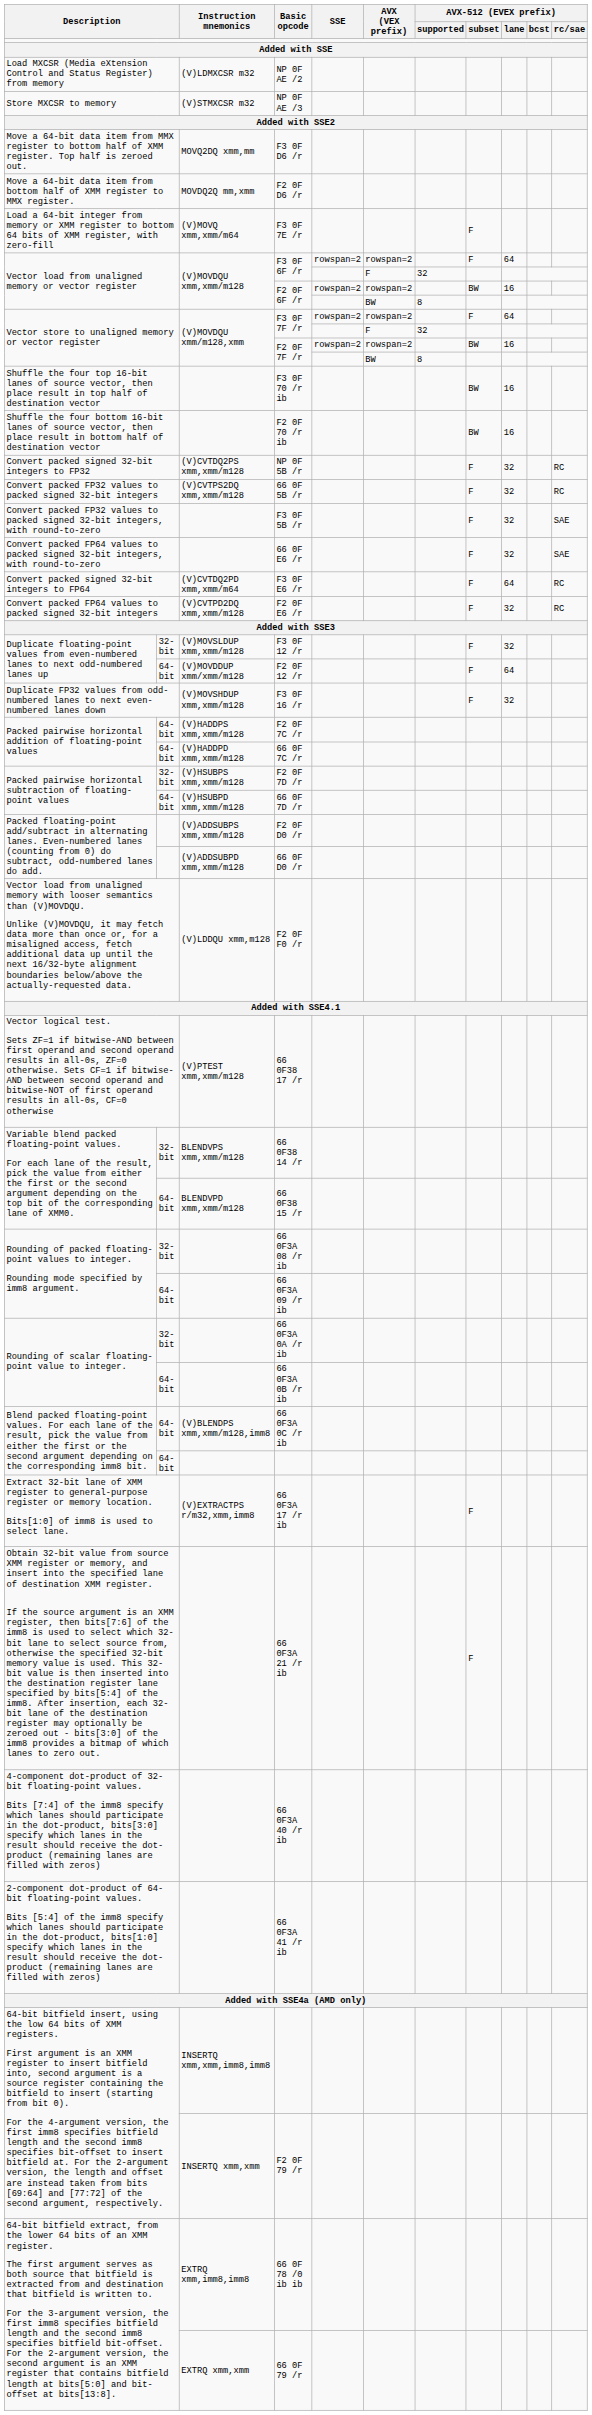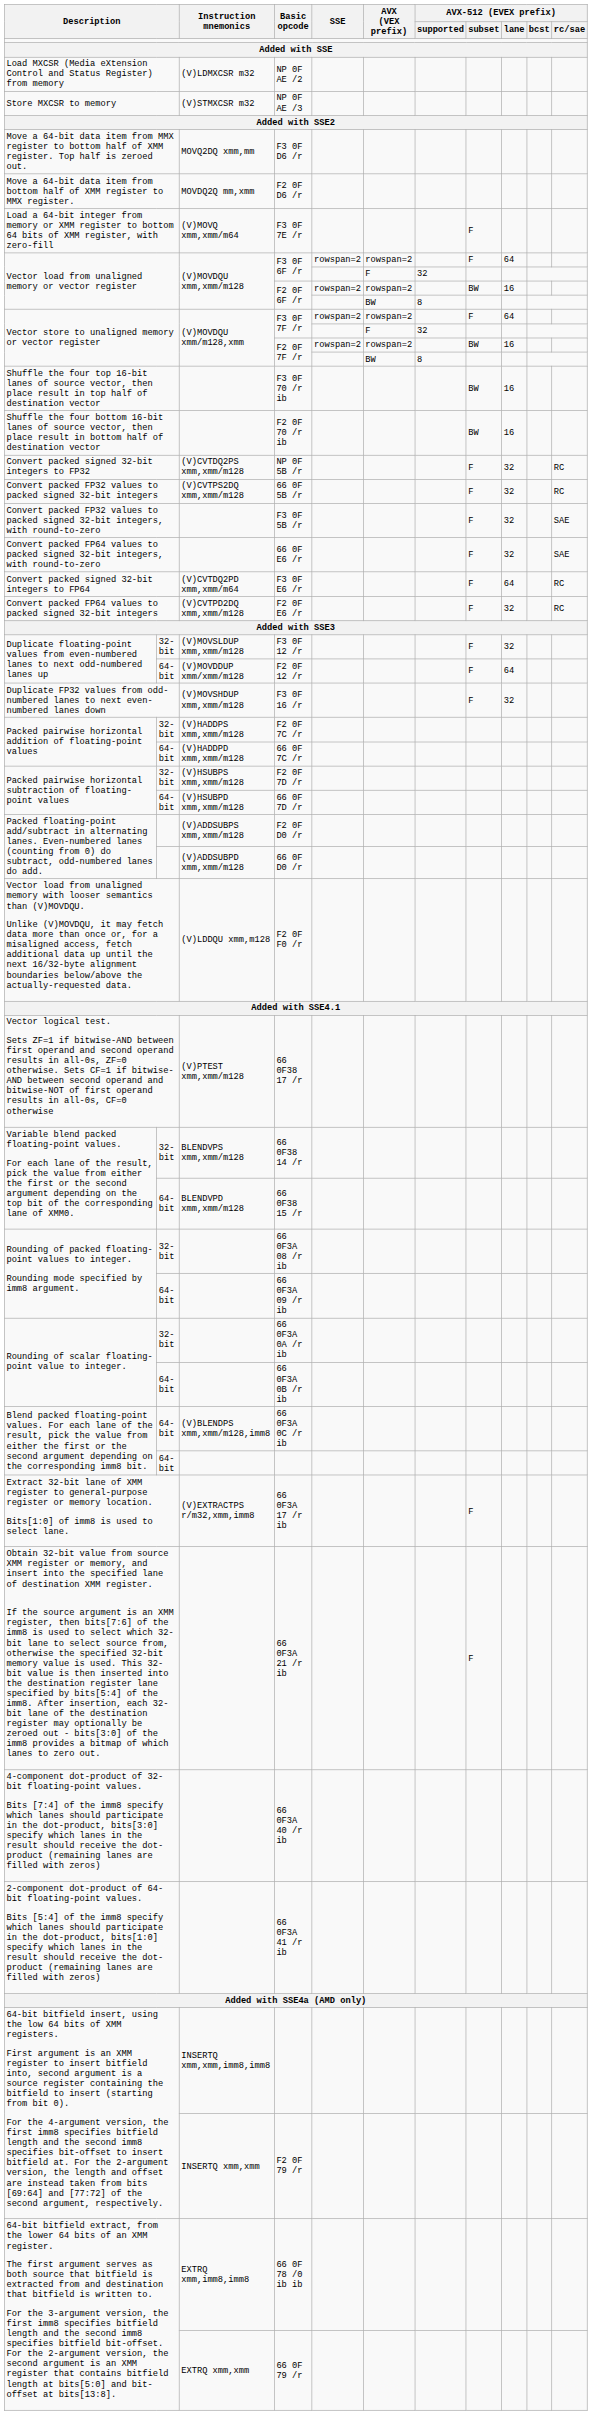 <table class="wikitable sortable sticky-header-multi">
 <tr>
 <th rowspan=2 colspan=2>Description</th>
 <th rowspan=2>Instruction mnemonics</th>
 <th rowspan=2>Basic opcode</th>
 <th rowspan=2>  SSE  </th>
 <th rowspan=2>AVX<br>(VEX prefix)</th>
 <th colspan=5>AVX-512 (EVEX prefix)</th>
 </tr>
 <tr>
 <th>supported</th>
 <th>subset</th>
 <th>lane</th>
 <th>bcst</th>
 <th>rc/sae</th>
 </tr>
 <tr>
 <td colspan=11></td>
 </tr>
 <tr>
 <th colspan=11>Added with SSE</th>
 </tr>
 <tr>
 <td colspan=2>Load MXCSR (Media eXtension Control and Status Register) from memory</td>
 <td><code>(V)LDMXCSR m32</code></td>
 <td><code>NP 0F AE /2</code></td>
 <td></td>
 <td></td>
 <td></td>
 <td></td>
 <td></td>
 <td></td>
 <td></td>
 </tr>
 <tr>
 <td colspan=2>Store MXCSR to memory</td>
 <td><code>(V)STMXCSR m32</code></td>
 <td><code>NP 0F AE /3</code></td>
 <td></td>
 <td></td>
 <td></td>
 <td></td>
 <td></td>
 <td></td>
 <td></td>
 </tr>
 <tr>
 <th colspan=11>Added with SSE2</th>
 </tr>
 <tr>
 <td colspan=2>Move a 64-bit data item from MMX register to bottom half of XMM register. Top half is zeroed out.</td>
 <td><code>MOVQ2DQ xmm,mm</code></td>
 <td><code>F3 0F D6 /r</code></td>
 <td></td>
 <td></td>
 <td></td>
 <td></td>
 <td></td>
 <td></td>
 <td></td>
 </tr>
 <tr>
 <td colspan=2>Move a 64-bit data item from bottom half of XMM register to MMX register.</td>
 <td><code>MOVDQ2Q mm,xmm</code></td>
 <td><code>F2 0F D6 /r</code></td>
 <td></td>
 <td></td>
 <td></td>
 <td></td>
 <td></td>
 <td></td>
 <td></td>
 </tr>
 <tr>
 <td colspan=2>Load a 64-bit integer from memory or XMM register to bottom 64 bits of XMM register, with zero-fill</td>
 <td><code>(V)MOVQ xmm,xmm/m64</code></td>
 <td><code>F3 0F 7E /r</code></td>
 <td></td>
 <td></td>
 <td></td>
 <td>F</td>
 <td></td>
 <td></td>
 <td></td>
 </tr>
 <tr>
 <td rowspan=4 colspan=2>Vector load from unaligned memory or vector register</td>
 <td rowspan=4><code>(V)MOVDQU xmm,xmm/m128</code></td>
 <td rowspan=2><code>F3 0F 6F /r</code></td>
 <td>rowspan=2 </td>
 <td>rowspan=2 </td>
 <td></td>
 <td>F</td>
 <td>64</td>
 <td></td>
 <td></td>
 </tr>
 <tr>
 <td></td>
 <td>F</td>
 <td>32</td>
 <td></td>
 <td></td>
 </tr>
 <tr>
 <td rowspan=2><code>F2 0F 6F /r</code></td>
 <td>rowspan=2 </td>
 <td>rowspan=2 </td>
 <td></td>
 <td>BW</td>
 <td>16</td>
 <td></td>
 <td></td>
 </tr>
 <tr>
 <td></td>
 <td>BW</td>
 <td>8</td>
 <td></td>
 <td></td>
 </tr>
 <tr>
 <td rowspan=4  colspan=2>Vector store to unaligned memory or vector register</td>
 <td rowspan=4><code>(V)MOVDQU xmm/m128,xmm</code></td>
 <td rowspan=2><code>F3 0F 7F /r</code></td>
 <td>rowspan=2 </td>
 <td>rowspan=2 </td>
 <td></td>
 <td>F</td>
 <td>64</td>
 <td></td>
 <td></td>
 </tr>
 <tr>
 <td></td>
 <td>F</td>
 <td>32</td>
 <td></td>
 <td></td>
 </tr>
 <tr>
 <td rowspan=2><code>F2 0F 7F /r</code></td>
 <td>rowspan=2 </td>
 <td>rowspan=2 </td>
 <td></td>
 <td>BW</td>
 <td>16</td>
 <td></td>
 <td></td>
 </tr>
 <tr>
 <td></td>
 <td>BW</td>
 <td>8</td>
 <td></td>
 <td></td>
 </tr>
 <tr>
 <td colspan=2>Shuffle the four top 16-bit lanes of source vector, then place result in top half of destination vector</td>
 <td></td>
 <td><code>F3 0F 70 /r ib</code></td>
 <td></td>
 <td></td>
 <td></td>
 <td>BW</td>
 <td>16</td>
 <td></td>
 <td></td>
 </tr>
 <tr>
 <td colspan=2>Shuffle the four bottom 16-bit lanes of source vector, then place result in bottom half of destination vector</td>
 <td></td>
 <td><code>F2 0F 70 /r ib</code></td>
 <td></td>
 <td></td>
 <td></td>
 <td>BW</td>
 <td>16</td>
 <td></td>
 <td></td>
 </tr>
 <tr>
 <td colspan=2>Convert packed signed 32-bit integers to FP32</td>
 <td><code>(V)CVTDQ2PS xmm,xmm/m128</code></td>
 <td><code>NP 0F 5B /r</code></td>
 <td></td>
 <td></td>
 <td></td>
 <td>F</td>
 <td>32</td>
 <td></td>
 <td>RC</td>
 </tr>
 <tr>
 <td colspan=2>Convert packed FP32 values to packed signed 32-bit integers</td>
 <td><code>(V)CVTPS2DQ xmm,xmm/m128</code></td>
 <td><code>66 0F 5B /r</code></td>
 <td></td>
 <td></td>
 <td></td>
 <td>F</td>
 <td>32</td>
 <td></td>
 <td>RC</td>
 </tr>
 <tr>
 <td colspan=2>Convert packed FP32 values to packed signed 32-bit integers, with round-to-zero</td>
 <td></td>
 <td><code>F3 0F 5B /r</code></td>
 <td></td>
 <td></td>
 <td></td>
 <td>F</td>
 <td>32</td>
 <td></td>
 <td>SAE</td>
 </tr>
 <tr>
 <td colspan=2>Convert packed FP64 values to packed signed 32-bit integers, with round-to-zero</td>
 <td></td>
 <td><code>66 0F E6 /r</code></td>
 <td></td>
 <td></td>
 <td></td>
 <td>F</td>
 <td>32</td>
 <td></td>
 <td>SAE</td>
 </tr>
 <tr>
 <td colspan=2>Convert packed signed 32-bit integers to FP64</td>
 <td><code>(V)CVTDQ2PD xmm,xmm/m64</code></td>
 <td><code>F3 0F E6 /r</code></td>
 <td></td>
 <td></td>
 <td></td>
 <td>F</td>
 <td>64</td>
 <td></td>
 <td>RC</td>
 </tr>
 <tr>
 <td colspan=2>Convert packed FP64 values to packed signed 32-bit integers</td>
 <td><code>(V)CVTPD2DQ xmm,xmm/m128</code></td>
 <td><code>F2 0F E6 /r</code></td>
 <td></td>
 <td></td>
 <td></td>
 <td>F</td>
 <td>32</td>
 <td></td>
 <td>RC</td>
 </tr>
 <tr>
 <th colspan=11>Added with SSE3</th>
 </tr>
 <tr>
 <td rowspan=2>Duplicate floating-point values from even-numbered lanes to next odd-numbered lanes up</td>
 <td>32-bit</td>
 <td><code>(V)MOVSLDUP xmm,xmm/m128</code></td>
 <td><code>F3 0F 12 /r</code></td>
 <td></td>
 <td></td>
 <td></td>
 <td>F</td>
 <td>32</td>
 <td></td>
 <td></td>
 </tr>
 <tr>
 <td>64-bit</td>
 <td><code>(V)MOVDDUP xmm/xmm/m128</code></td>
 <td><code>F2 0F 12 /r</code></td>
 <td></td>
 <td></td>
 <td></td>
 <td>F</td>
 <td>64</td>
 <td></td>
 <td></td>
 </tr>
 <tr>
 <td colspan=2>Duplicate FP32 values from odd-numbered lanes to next even-numbered lanes down</td>
 <td><code>(V)MOVSHDUP xmm,xmm/m128</code></td>
 <td><code>F3 0F 16 /r</code></td>
 <td></td>
 <td></td>
 <td></td>
 <td>F</td>
 <td>32</td>
 <td></td>
 <td></td>
 </tr>
 <tr>
 <td rowspan=2>Packed pairwise horizontal addition of floating-point values</td>
-<td>64-bit</td>
+<td>32-bit</td>
 <td><code>(V)HADDPS xmm,xmm/m128</code></td>
 <td><code>F2 0F 7C /r</code></td>
 <td></td>
 <td></td>
 <td></td>
 <td></td>
 <td></td>
 <td></td>
 <td></td>
 </tr>
 <tr>
 <td>64-bit</td>
 <td><code>(V)HADDPD xmm,xmm/m128</code></td>
 <td><code>66 0F 7C /r</code></td>
 <td></td>
 <td></td>
 <td></td>
 <td></td>
 <td></td>
 <td></td>
 <td></td>
 </tr>
 <tr>
 <td rowspan=2>Packed pairwise horizontal subtraction of floating-point values</td>
 <td>32-bit</td>
 <td><code>(V)HSUBPS xmm,xmm/m128</code></td>
 <td><code>F2 0F 7D /r</code></td>
 <td></td>
 <td></td>
 <td></td>
 <td></td>
 <td></td>
 <td></td>
 <td></td>
 </tr>
 <tr>
 <td>64-bit</td>
 <td><code>(V)HSUBPD xmm,xmm/m128</code></td>
 <td><code>66 0F 7D /r</code></td>
 <td></td>
 <td></td>
 <td></td>
 <td></td>
 <td></td>
 <td></td>
 <td></td>
 </tr>
 <tr>
 <td rowspan=2>Packed floating-point add/subtract in alternating lanes. Even-numbered lanes (counting from 0) do subtract, odd-numbered lanes do add.</td>
 <td></td>
 <td><code>(V)ADDSUBPS xmm,xmm/m128</code></td>
 <td><code>F2 0F D0 /r</code></td>
 <td></td>
 <td></td>
 <td></td>
 <td></td>
 <td></td>
 <td></td>
 <td></td>
 </tr>
 <tr>
 <td></td>
 <td><code>(V)ADDSUBPD xmm,xmm/m128</code></td>
 <td><code>66 0F D0 /r</code></td>
 <td></td>
 <td></td>
 <td></td>
 <td></td>
 <td></td>
 <td></td>
 <td></td>
 </tr>
 <tr>
 <td colspan=2>Vector load from unaligned memory with looser semantics than <code>(V)MOVDQU</code>.<p>Unlike <code>(V)MOVDQU</code>, it may fetch data more than once or, for a misaligned access, fetch additional data up until the next 16/32-byte alignment boundaries below/above the actually-requested data.</p></td>
 <td><code>(V)LDDQU xmm,m128</code></td>
 <td><code>F2 0F F0 /r</code></td>
 <td></td>
 <td></td>
 <td></td>
 <td></td>
 <td></td>
 <td></td>
 <td></td>
 </tr>
 <tr>
 <th colspan=11>Added with SSE4.1</th>
 </tr>
 <tr>
 <td colspan=2>Vector logical test.<p>Sets ZF=1 if bitwise-AND between first operand and second operand results in all-0s, ZF=0 otherwise. Sets CF=1 if bitwise-AND between second operand and bitwise-NOT of first operand results in all-0s, CF=0 otherwise</p></td>
 <td><code>(V)PTEST xmm,xmm/m128</code></td>
 <td><code>66 0F38 17 /r</code></td>
 <td></td>
 <td></td>
 <td></td>
 <td></td>
 <td></td>
 <td></td>
 <td></td>
 </tr>
 <tr>
 <td rowspan=2>Variable blend packed floating-point values.<p>For each lane of the result, pick the value from either the first or the second argument depending on the top bit of the corresponding lane of <code>XMM0</code>.</p></td>
 <td>32-bit</td>
 <td><code>BLENDVPS xmm,xmm/m128</code><br></td>
 <td><code>66 0F38 14 /r</code></td>
 <td></td>
 <td></td>
 <td></td>
 <td></td>
 <td></td>
 <td></td>
 <td></td>
 </tr>
 <tr>
 <td>64-bit</td>
 <td><code>BLENDVPD xmm,xmm/m128</code><br></td>
 <td><code>66 0F38 15 /r</code></td>
 <td></td>
 <td></td>
 <td></td>
 <td></td>
 <td></td>
 <td></td>
 <td></td>
 </tr>
 <tr>
 <td rowspan=2>Rounding of packed floating-point values to integer.<p>Rounding mode specified by imm8 argument.</p></td>
 <td>32-bit</td>
 <td></td>
 <td><code>66 0F3A 08 /r ib</code></td>
 <td></td>
 <td></td>
 <td></td>
 <td></td>
 <td></td>
 <td></td>
 <td></td>
 </tr>
 <tr>
 <td>64-bit</td>
 <td></td>
 <td><code>66 0F3A 09 /r ib</code></td>
 <td></td>
 <td></td>
 <td></td>
 <td></td>
 <td></td>
 <td></td>
 <td></td>
 </tr>
 <tr>
 <td rowspan=2>Rounding of scalar floating-point value to integer.</td>
 <td>32-bit</td>
 <td></td>
 <td><code>66 0F3A 0A /r ib</code></td>
 <td></td>
 <td></td>
 <td></td>
 <td></td>
 <td></td>
 <td></td>
 <td></td>
 </tr>
 <tr>
 <td>64-bit</td>
 <td></td>
 <td><code>66 0F3A 0B /r ib</code></td>
 <td></td>
 <td></td>
 <td></td>
 <td></td>
 <td></td>
 <td></td>
 <td></td>
 </tr>
 <tr>
 <td rowspan=2>Blend packed floating-point values. For each lane of the result, pick the value from either the first or the second argument depending on the corresponding imm8 bit.</td>
 <td>64-bit</td>
 <td><code>(V)BLENDPS xmm,xmm/m128,imm8</code></td>
 <td><code>66 0F3A 0C /r ib</code></td>
 <td></td>
 <td></td>
 <td></td>
 <td></td>
 <td></td>
 <td></td>
 <td></td>
 </tr>
 <tr>
 <td>64-bit</td>
 <td></td>
 <td></td>
 <td></td>
 <td></td>
 <td></td>
 <td></td>
 <td></td>
 <td></td>
 <td></td>
 </tr>
 <tr>
 <td colspan=2>Extract 32-bit lane of XMM register to general-purpose register or memory location.<p>Bits[1:0] of imm8 is used to select lane.</p></td>
 <td><code>(V)EXTRACTPS r/m32,xmm,imm8</code></td>
 <td><code>66 0F3A 17 /r ib</code></td>
 <td></td>
 <td></td>
 <td></td>
 <td>F</td>
 <td></td>
 <td></td>
 <td></td>
 </tr>
 <tr>
 <td colspan=2>Obtain 32-bit value from source XMM register or memory, and insert into the specified lane of destination XMM register.<p><br>If the source argument is an XMM register, then bits[7:6] of the imm8 is used to select which 32-bit lane to select source from, otherwise the specified 32-bit memory value is used. This 32-bit value is then inserted into the destination register lane specified by bits[5:4] of the imm8. After insertion, each 32-bit lane of the destination register may optionally be zeroed out - bits[3:0] of the imm8 provides a bitmap of which lanes to zero out.</p></td>
 <td></td>
 <td><code>66 0F3A 21 /r ib</code></td>
 <td></td>
 <td></td>
 <td></td>
 <td>F</td>
 <td></td>
 <td></td>
 <td></td>
 </tr>
 <tr>
 <td colspan=2>4-component dot-product of 32-bit floating-point values.<p>Bits [7:4] of the imm8 specify which lanes should participate in the dot-product, bits[3:0] specify which lanes in the result should receive the dot-product (remaining lanes are filled with zeros)</p></td>
 <td></td>
 <td><code>66 0F3A 40 /r ib</code></td>
 <td></td>
 <td></td>
 <td></td>
 <td></td>
 <td></td>
 <td></td>
 <td></td>
 </tr>
 <tr>
 <td colspan=2>2-component dot-product of 64-bit floating-point values.<p>Bits [5:4] of the imm8 specify which lanes should participate in the dot-product, bits[1:0] specify which lanes in the result should receive the dot-product (remaining lanes are filled with zeros) </p></td>
 <td></td>
 <td><code>66 0F3A 41 /r ib</code></td>
 <td></td>
 <td></td>
 <td></td>
 <td></td>
 <td></td>
 <td></td>
 <td></td>
 </tr>
 <tr>
 <th colspan=11>Added with SSE4a (AMD only)</th>
 </tr>
 <tr>
 <td rowspan=2 colspan=2>64-bit bitfield insert, using the low 64 bits of XMM registers.<p>First argument is an XMM register to insert bitfield into, second argument is a source register containing the bitfield to insert (starting from bit 0).</p><p>For the 4-argument version, the first imm8 specifies bitfield length and the second imm8 specifies bit-offset to insert bitfield at. For the 2-argument version, the length and offset are instead taken from bits [69:64] and [77:72] of the second argument, respectively.</p></td>
 <td><code>INSERTQ xmm,xmm,imm8,imm8</code></td>
 <td></td>
 <td></td>
 <td></td>
 <td></td>
 <td></td>
 <td></td>
 <td></td>
 <td></td>
 </tr>
 <tr>
 <td><code>INSERTQ xmm,xmm</code></td>
 <td><code>F2 0F 79 /r</code></td>
 <td></td>
 <td></td>
 <td></td>
 <td></td>
 <td></td>
 <td></td>
 <td></td>
 </tr>
 <tr>
 <td rowspan=2 colspan=2>64-bit bitfield extract, from the lower 64 bits of an XMM register.<p>The first argument serves as both source that bitfield is extracted from and destination that bitfield is written to.</p><p>For the 3-argument version, the first imm8 specifies bitfield length and the second imm8 specifies bitfield bit-offset. For the 2-argument version, the second argument is an XMM register that contains bitfield length at bits[5:0] and bit-offset at bits[13:8].</p></td>
 <td><code>EXTRQ xmm,imm8,imm8</code></td>
 <td><code>66 0F 78 /0 ib ib</code></td>
 <td></td>
 <td></td>
 <td></td>
 <td></td>
 <td></td>
 <td></td>
 <td></td>
 </tr>
 <tr>
 <td><code>EXTRQ xmm,xmm</code></td>
 <td><code>66 0F 79 /r</code></td>
 <td></td>
 <td></td>
 <td></td>
 <td></td>
 <td></td>
 <td></td>
 <td></td>
 </tr>
 </table>
